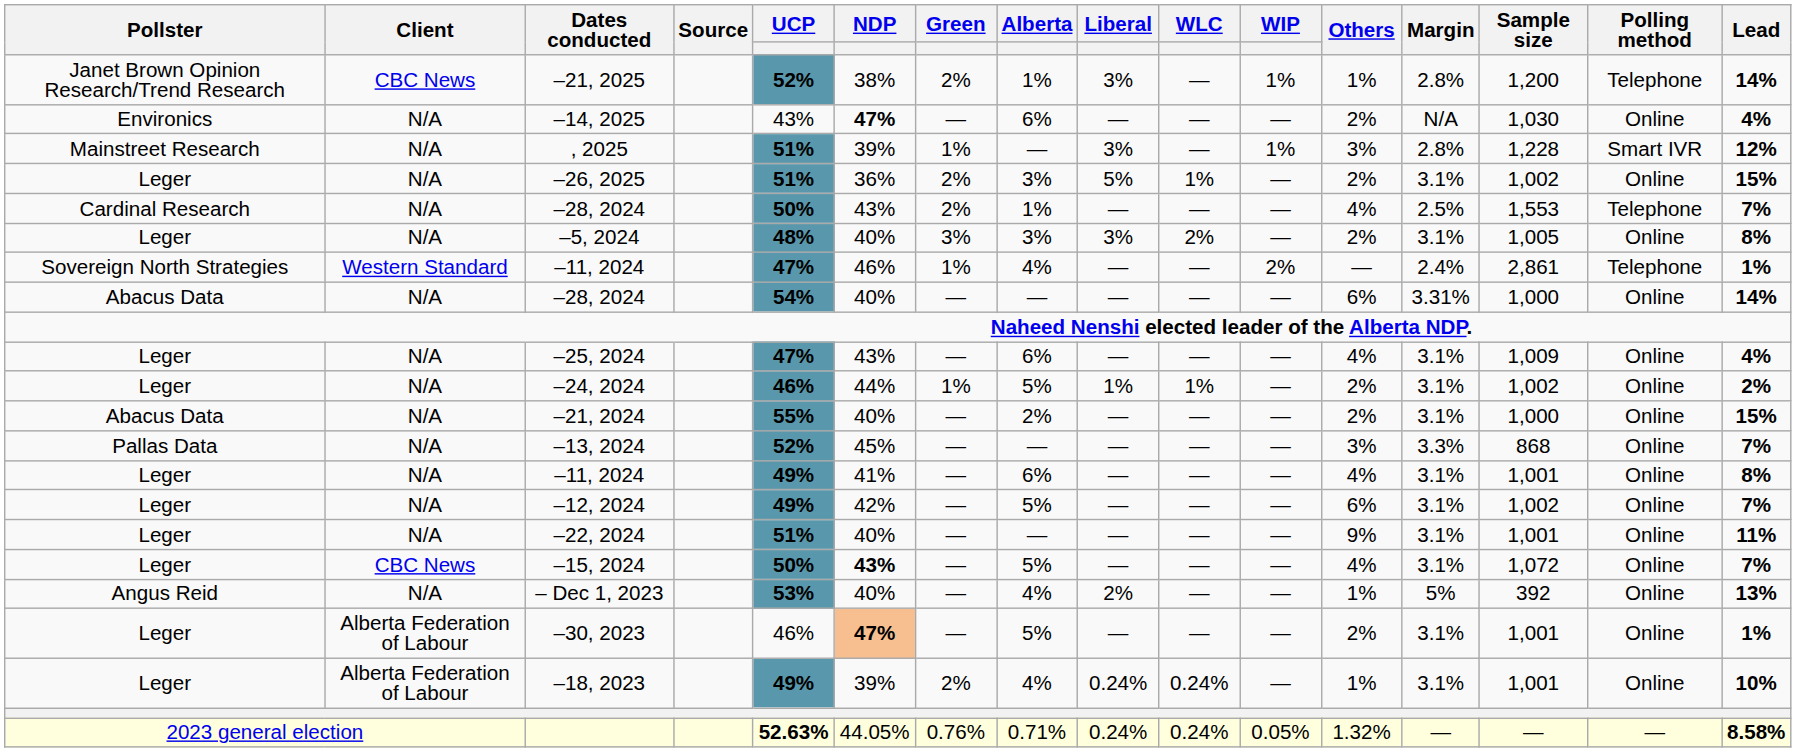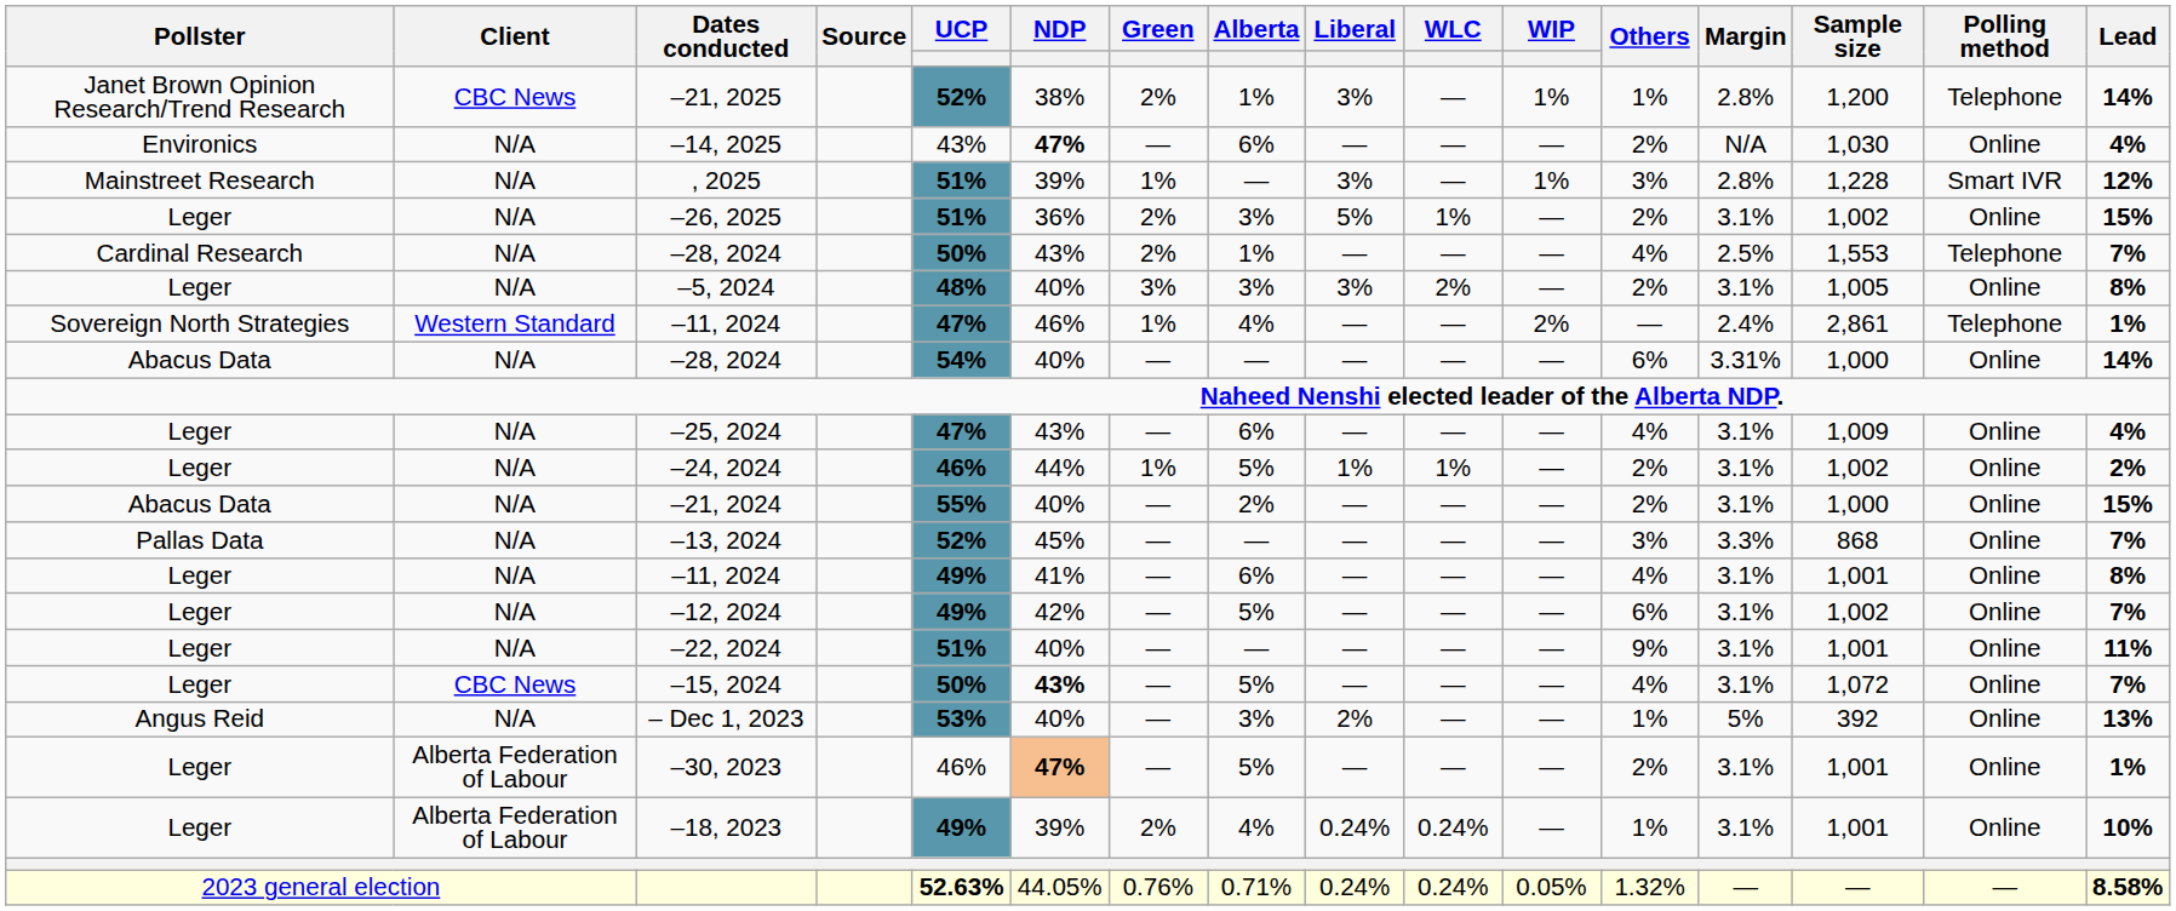 <table class="wikitable sortable tpl-blanktable" style="text-align:center;font-size:90%;line-height:14px">
 <tr>
 <th rowspan="2">Pollster</th>
 <th rowspan="2">Client</th>
 <th rowspan="2">Dates conducted</th>
 <th rowspan="2">Source</th>
 <th style="width:50px;" class="unsortable"><a href='#'>UCP</a></th>
 <th style="width:50px;" class="unsortable"><a href='#'>NDP</a></th>
 <th style="width:50px;" class="unsortable"><a href='#'>Green</a></th>
 <th style="width:50px;" class="unsortable"><a href='#'>Alberta</a></th>
 <th style="width:50px;" class="unsortable"><a href='#'>Liberal</a></th>
 <th style="width:50px;" class="unsortable"><a href='#'>WLC</a></th>
 <th style="width:50px;" class="unsortable"><a href='#'>WIP</a></th>
 <th rowspan="2" style="width:50px;"><a href='#'>Others</a></th>
 <th rowspan="2">Margin </th>
 <th rowspan="2">Sample size</th>
 <th rowspan="2">Polling method</th>
 <th rowspan="2" style="width:20px;">Lead</th>
 </tr>
 <tr>
 <th style="background:"></th>
 <th style="background:"></th>
 <th style="background:"></th>
 <th style="background:"></th>
 <th style="background:"></th>
 <th style="background:"></th>
 <th style="background:"></th>
 </tr>
 <tr>
 <td>Janet Brown Opinion Research/Trend Research</td>
 <td><a href='#'>CBC News</a></td>
 <td>–21, 2025</td>
 <td></td>
 <td style="background:#5998AC;"><strong>52%</strong></td>
 <td>38%</td>
 <td>2%</td>
 <td>1%</td>
 <td>3%</td>
 <td>—</td>
 <td>1%</td>
 <td>1%</td>
 <td>2.8%</td>
 <td>1,200</td>
 <td>Telephone</td>
 <td style="background:"><strong>14%</strong></td>
 </tr>
 <tr>
 <td>Environics</td>
 <td>N/A</td>
 <td>–14, 2025</td>
 <td></td>
 <td>43%</td>
 <td style="background:"><strong>47%</strong></td>
 <td>—</td>
 <td>6%</td>
 <td>—</td>
 <td>—</td>
 <td>—</td>
 <td>2%</td>
 <td>N/A</td>
 <td>1,030</td>
 <td>Online</td>
 <td style="background:"><strong>4%</strong></td>
 </tr>
 <tr>
 <td>Mainstreet Research</td>
 <td>N/A</td>
 <td>, 2025</td>
 <td></td>
 <td style="background:#5998AC;"><strong>51%</strong></td>
 <td>39%</td>
 <td>1%</td>
 <td>—</td>
 <td>3%</td>
 <td>—</td>
 <td>1%</td>
 <td>3%</td>
 <td>2.8%</td>
 <td>1,228</td>
 <td>Smart IVR</td>
 <td style="background:"><strong>12%</strong></td>
 </tr>
 <tr>
 <td>Leger</td>
 <td>N/A</td>
 <td>–26, 2025</td>
 <td></td>
 <td style="background:#5998AC;"><strong>51%</strong></td>
 <td>36%</td>
 <td>2%</td>
 <td>3%</td>
 <td>5%</td>
 <td>1%</td>
 <td>—</td>
 <td>2%</td>
 <td>3.1%</td>
 <td>1,002</td>
 <td>Online</td>
 <td style="background:"><strong>15%</strong></td>
 </tr>
 <tr>
 <td>Cardinal Research</td>
 <td>N/A</td>
 <td>–28, 2024</td>
 <td></td>
 <td style="background:#5998AC;"><strong>50%</strong></td>
 <td>43%</td>
 <td>2%</td>
 <td>1%</td>
 <td>—</td>
 <td>—</td>
 <td>—</td>
 <td>4%</td>
 <td>2.5%</td>
 <td>1,553</td>
 <td>Telephone</td>
 <td style="background:"><strong>7%</strong></td>
 </tr>
 <tr>
 <td>Leger</td>
 <td>N/A</td>
 <td>–5, 2024</td>
 <td></td>
 <td style="background:#5998AC;"><strong>48%</strong></td>
 <td>40%</td>
 <td>3%</td>
 <td>3%</td>
 <td>3%</td>
 <td>2%</td>
 <td>—</td>
 <td>2%</td>
 <td>3.1%</td>
 <td>1,005</td>
 <td>Online</td>
 <td style="background:"><strong>8%</strong></td>
 </tr>
 <tr>
 <td>Sovereign North Strategies</td>
 <td><a href='#'>Western Standard</a></td>
 <td>–11, 2024</td>
 <td></td>
 <td style="background:#5998AC;"><strong>47%</strong></td>
 <td>46%</td>
 <td>1%</td>
 <td>4%</td>
 <td>—</td>
 <td>—</td>
 <td>2%</td>
 <td>—</td>
 <td>2.4%</td>
 <td>2,861</td>
 <td>Telephone</td>
 <td style="background:"><strong>1%</strong></td>
 </tr>
 <tr>
 <td>Abacus Data</td>
 <td>N/A</td>
 <td>–28, 2024</td>
 <td></td>
 <td style="background:#5998AC;"><strong>54%</strong></td>
 <td>40%</td>
 <td>—</td>
 <td>—</td>
 <td>—</td>
 <td>—</td>
 <td>—</td>
 <td>6%</td>
 <td>3.31%</td>
 <td>1,000</td>
 <td>Online</td>
 <td style="background:"><strong>14%</strong></td>
 </tr>
 <tr>
 <td style="border-right-style:hidden;" colspan="2"></td>
 <td style="border-right-style:hidden;"><strong></strong></td>
 <td colspan="13"><strong><a href='#'>Naheed Nenshi</a> elected leader of the <a href='#'>Alberta NDP</a>.</strong></td>
 </tr>
 <tr>
 <td>Leger</td>
 <td>N/A</td>
 <td>–25, 2024</td>
 <td></td>
 <td style="background:#5998AC;"><strong>47%</strong></td>
 <td>43%</td>
 <td>—</td>
 <td>6%</td>
 <td>—</td>
 <td>—</td>
 <td>—</td>
 <td>4%</td>
 <td>3.1%</td>
 <td>1,009</td>
 <td>Online</td>
 <td style="background:"><strong>4%</strong></td>
 </tr>
 <tr>
 <td>Leger</td>
 <td>N/A</td>
 <td>–24, 2024</td>
 <td></td>
 <td style="background:#5998AC;"><strong>46%</strong></td>
 <td>44%</td>
 <td>1%</td>
 <td>5%</td>
 <td>1%</td>
 <td>1%</td>
 <td>—</td>
 <td>2%</td>
 <td>3.1%</td>
 <td>1,002</td>
 <td>Online</td>
 <td style="background:"><strong>2%</strong></td>
 </tr>
 <tr>
 <td>Abacus Data</td>
 <td>N/A</td>
 <td>–21, 2024</td>
 <td></td>
 <td style="background:#5998AC;"><strong>55%</strong></td>
 <td>40%</td>
 <td>—</td>
 <td>2%</td>
 <td>—</td>
 <td>—</td>
 <td>—</td>
 <td>2%</td>
 <td>3.1%</td>
 <td>1,000</td>
 <td>Online</td>
 <td style="background:"><strong>15%</strong></td>
 </tr>
 <tr>
 <td>Pallas Data</td>
 <td>N/A</td>
 <td>–13, 2024</td>
 <td></td>
 <td style="background:#5998AC;"><strong>52%</strong></td>
 <td>45%</td>
 <td>—</td>
 <td>—</td>
 <td>—</td>
 <td>—</td>
 <td>—</td>
 <td>3%</td>
 <td>3.3%</td>
 <td>868</td>
 <td>Online</td>
 <td style="background:"><strong>7%</strong></td>
 </tr>
 <tr>
 <td>Leger</td>
 <td>N/A</td>
 <td>–11, 2024</td>
 <td></td>
 <td style="background:#5998AC;"><strong>49%</strong></td>
 <td>41%</td>
 <td>—</td>
 <td>6%</td>
 <td>—</td>
 <td>—</td>
 <td>—</td>
 <td>4%</td>
 <td>3.1%</td>
 <td>1,001</td>
 <td>Online</td>
 <td style="background:"><strong>8%</strong></td>
 </tr>
 <tr>
 <td>Leger</td>
 <td>N/A</td>
 <td>–12, 2024</td>
 <td></td>
 <td style="background:#5998AC;"><strong>49%</strong></td>
 <td>42%</td>
 <td>—</td>
 <td>5%</td>
 <td>—</td>
 <td>—</td>
 <td>—</td>
 <td>6%</td>
 <td>3.1%</td>
 <td>1,002</td>
 <td>Online</td>
 <td style="background:"><strong>7%</strong></td>
 </tr>
 <tr>
 <td>Leger</td>
 <td>N/A</td>
 <td>–22, 2024</td>
 <td></td>
 <td style="background:#5998AC;"><strong>51%</strong></td>
 <td>40%</td>
 <td>—</td>
 <td>—</td>
 <td>—</td>
 <td>—</td>
 <td>—</td>
 <td>9%</td>
 <td>3.1%</td>
 <td>1,001</td>
 <td>Online</td>
 <td style="background:"><strong>11%</strong></td>
 </tr>
 <tr>
 <td>Leger</td>
 <td><a href='#'>CBC News</a></td>
 <td>–15, 2024</td>
 <td></td>
 <td style="background:#5998AC;"><strong>50%</strong></td>
 <td><strong>43%</strong></td>
 <td>—</td>
 <td>5%</td>
 <td>—</td>
 <td>—</td>
 <td>—</td>
 <td>4%</td>
 <td>3.1%</td>
 <td>1,072</td>
 <td>Online</td>
 <td style="background:"><strong>7%</strong></td>
 </tr>
 <tr>
 <td>Angus Reid</td>
 <td>N/A</td>
 <td> – Dec 1, 2023</td>
 <td></td>
 <td style="background:#5998AC;"><strong>53%</strong></td>
 <td>40%</td>
 <td>—</td>
-<td>4%</td>
+<td>3%</td>
 <td>2%</td>
 <td>—</td>
 <td>—</td>
 <td>1%</td>
 <td>5%</td>
 <td>392</td>
 <td>Online</td>
 <td style="background:"><strong>13%</strong></td>
 </tr>
 <tr>
 <td>Leger</td>
 <td>Alberta Federation of Labour</td>
 <td>–30, 2023</td>
 <td></td>
 <td>46%</td>
 <td style="text-align:center;background:#f7bf8f"><strong>47%</strong></td>
 <td>—</td>
 <td>5%</td>
 <td>—</td>
 <td>—</td>
 <td>—</td>
 <td>2%</td>
 <td>3.1%</td>
 <td>1,001</td>
 <td>Online</td>
 <td style="background:"><strong>1%</strong></td>
 </tr>
 <tr>
 <td>Leger</td>
 <td>Alberta Federation of Labour</td>
 <td>–18, 2023</td>
 <td></td>
 <td style="background:#5998AC;"><strong>49%</strong></td>
 <td>39%</td>
 <td>2%</td>
 <td>4%</td>
 <td>0.24%</td>
 <td>0.24%</td>
 <td>—</td>
 <td>1%</td>
 <td>3.1%</td>
 <td>1,001</td>
 <td>Online</td>
 <td style="background:"><strong>10%</strong></td>
 </tr>
 <tr>
 <th colspan="16"></th>
 </tr>
 <tr style="background:#ffd;">
 <td colspan="2"><a href='#'>2023 general election</a></td>
 <td></td>
 <td></td>
 <td><strong>52.63%</strong></td>
 <td>44.05%</td>
 <td>0.76%</td>
 <td>0.71%</td>
 <td>0.24%</td>
 <td>0.24%</td>
 <td>0.05%</td>
 <td>1.32%</td>
 <td>—</td>
 <td>—</td>
 <td>—</td>
 <td style="background:"><strong>8.58%</strong></td>
 </tr>
 </table>
